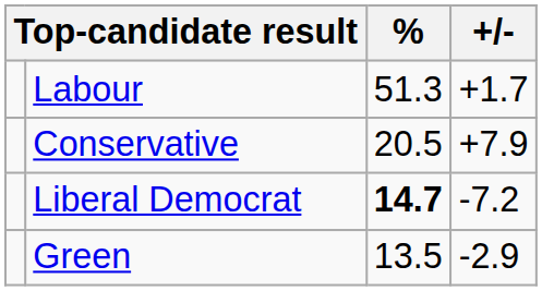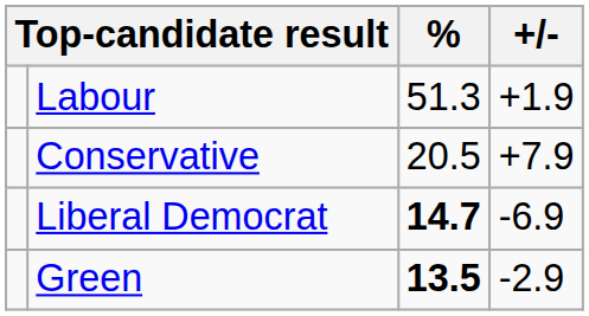 <table class="wikitable">
 <tr>
 <th colspan="2">Top-candidate result</th>
 <th>%</th>
 <th>+/-</th>
 </tr>
 <tr>
 <td style="background-color: "></td>
 <td><a href='#'>Labour</a></td>
 <td>51.3</td>
-<td>+1.7</td>
+<td>+1.9</td>
 </tr>
 <tr>
 <td style="background-color: "></td>
 <td><a href='#'>Conservative</a></td>
 <td>20.5</td>
 <td>+7.9</td>
 </tr>
 <tr>
 <td style="background-color: "></td>
 <td><a href='#'>Liberal Democrat</a></td>
 <td><strong>14.7</strong></td>
-<td>-7.2</td>
+<td>-6.9</td>
 </tr>
 <tr>
 <td style="background-color: "></td>
 <td><a href='#'>Green</a></td>
-<td>13.5</td>
+<td><strong>13.5</strong></td>
 <td>-2.9</td>
 </tr>
 </table>
